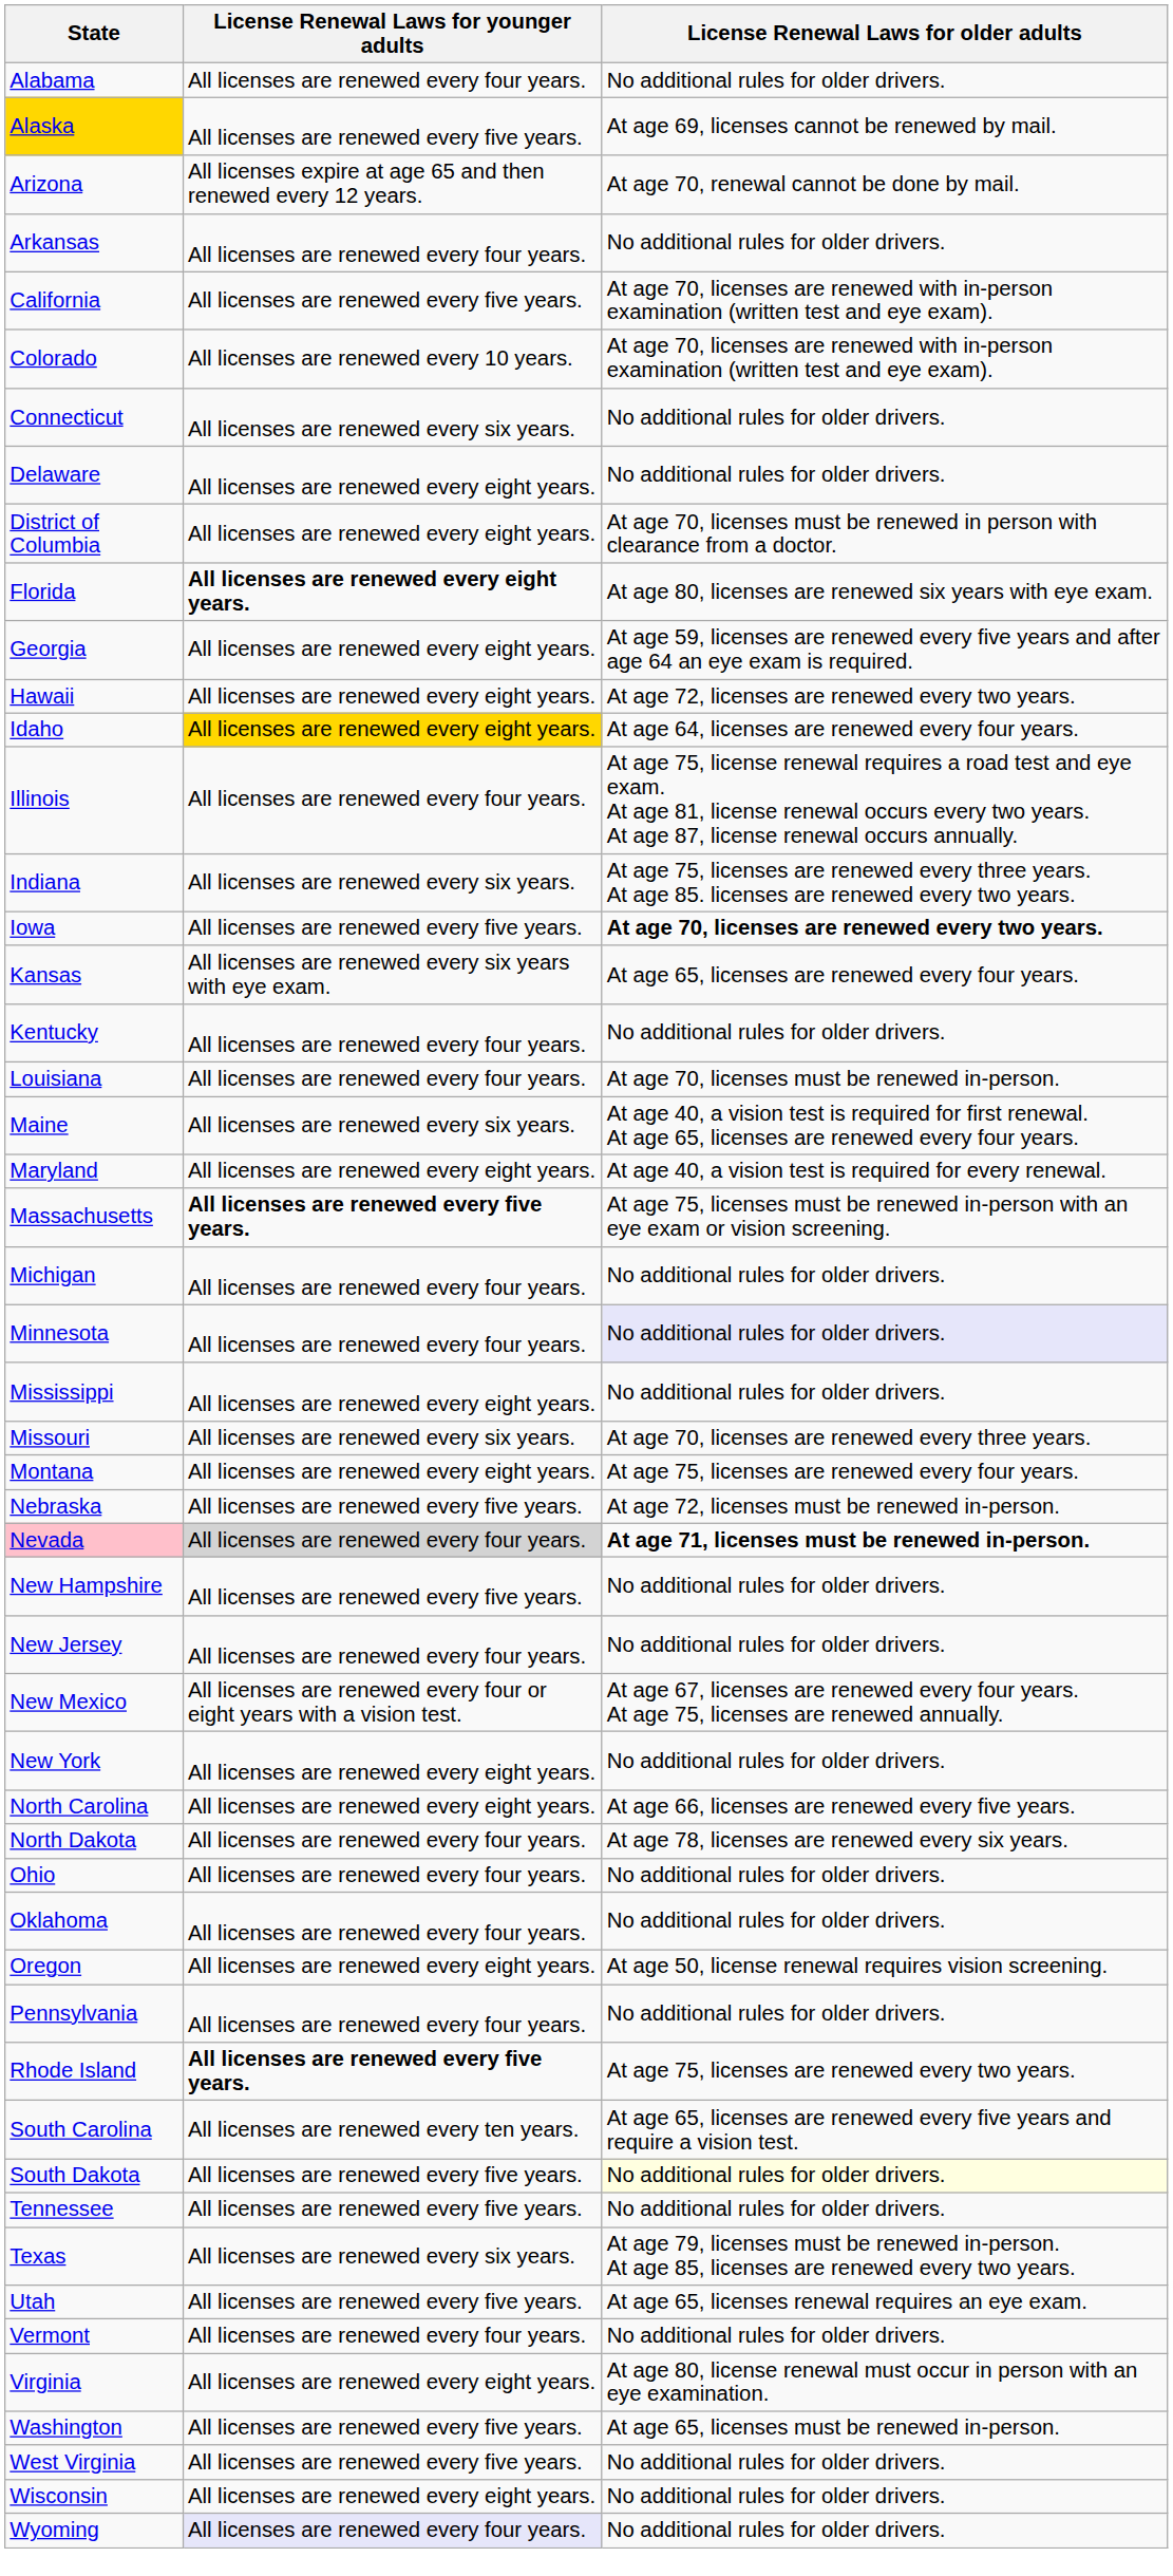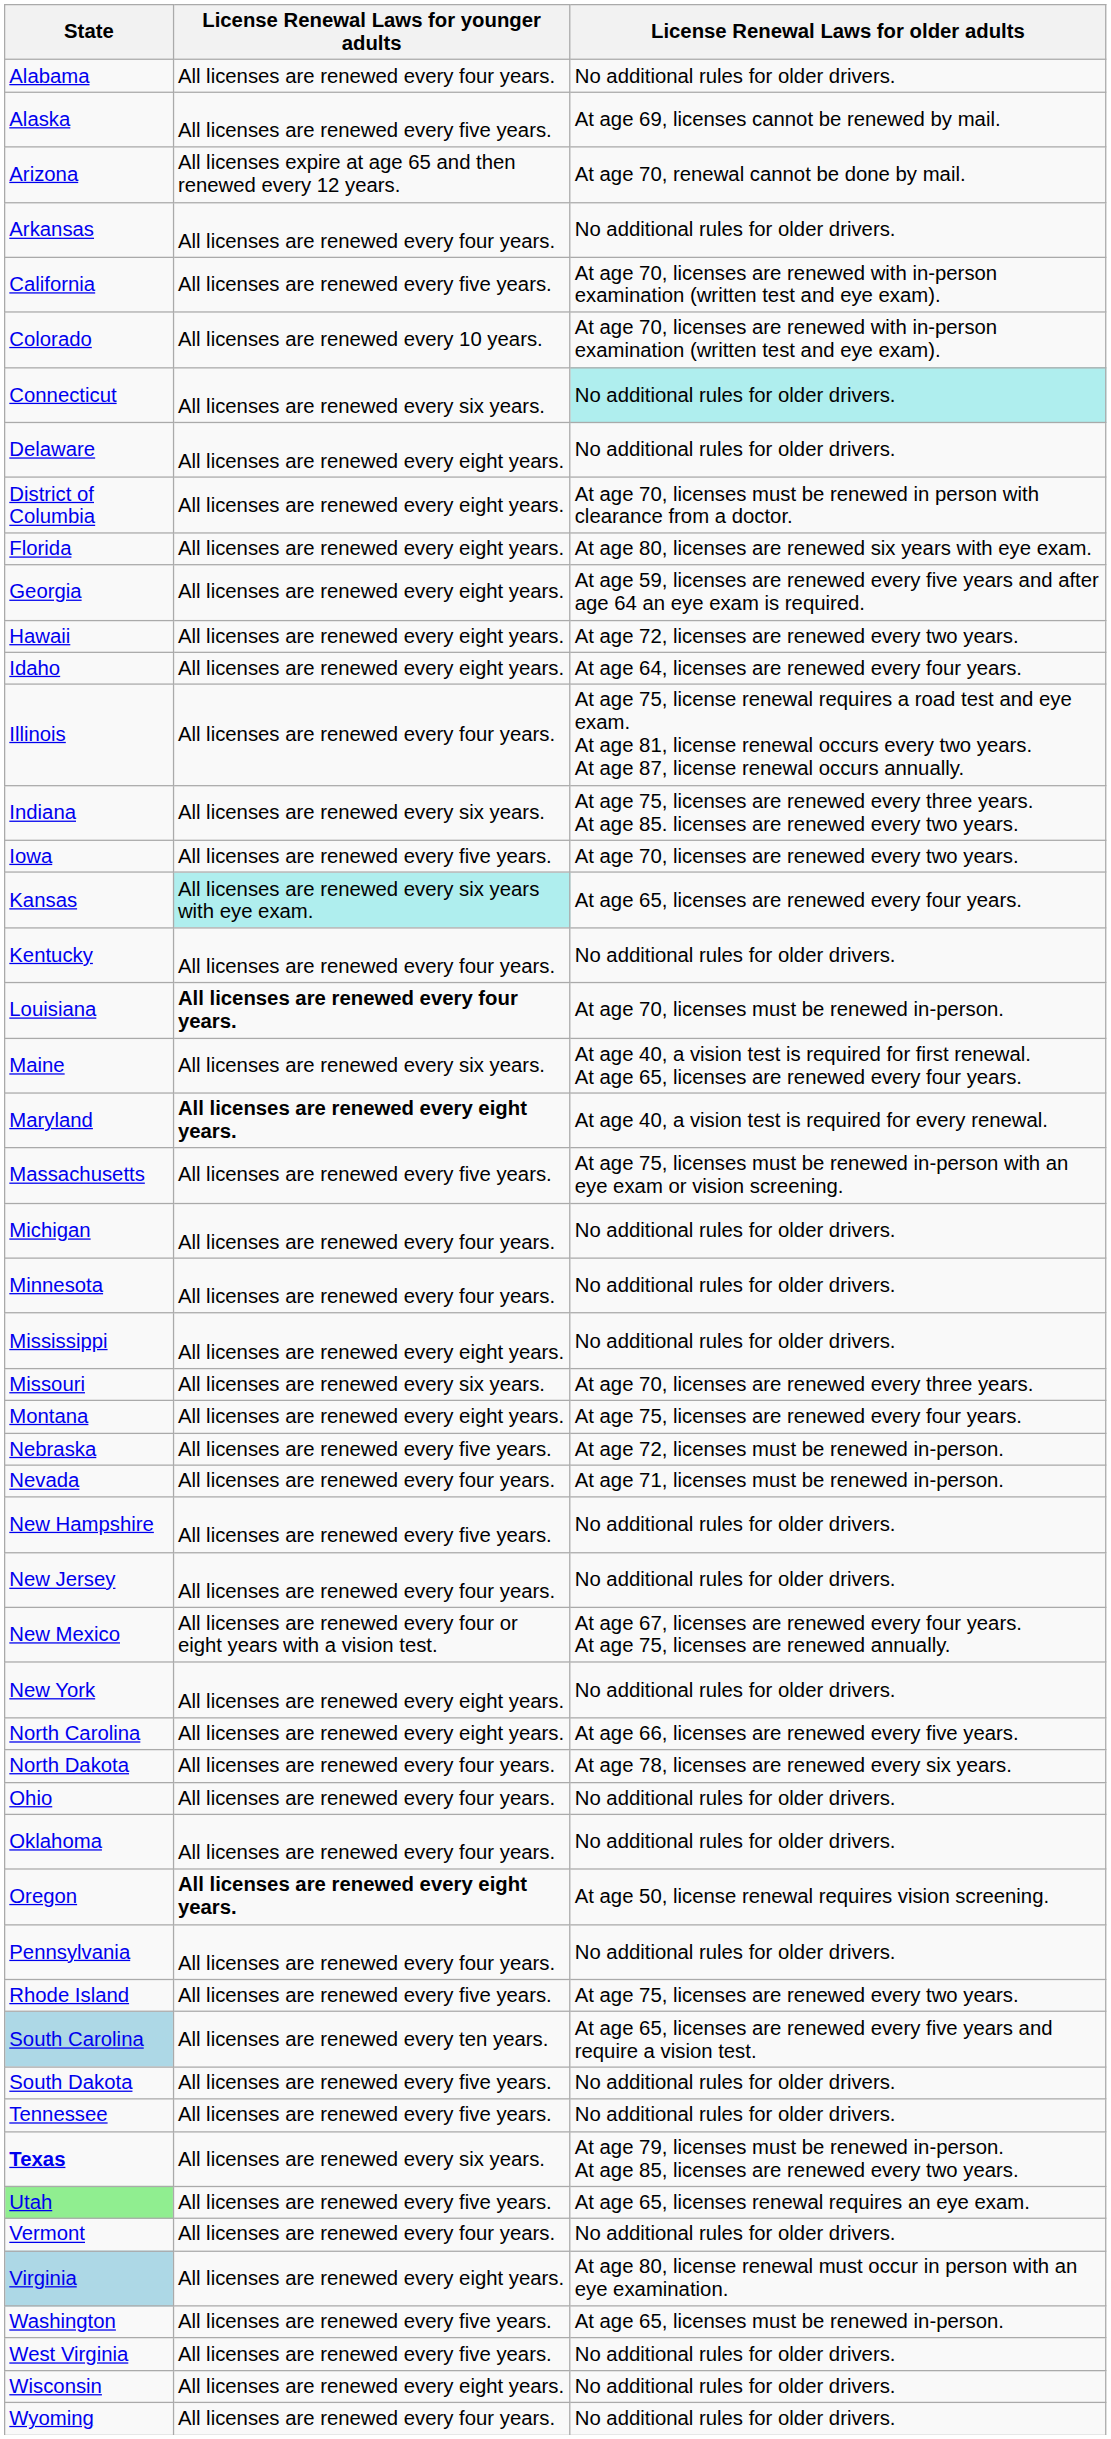 <table class="wikitable mw-collapsible">
 <tr>
 <th>State</th>
 <th>License Renewal Laws for younger adults</th>
 <th>License Renewal Laws for older adults</th>
 </tr>
 <tr>
 <td><a href='#'>Alabama</a></td>
 <td>All licenses are renewed every four years.</td>
 <td>No additional rules for older drivers.</td>
 </tr>
 <tr>
-<td style="background: gold;"><a href='#'>Alaska</a></td>
+<td><a href='#'>Alaska</a></td>
 <td><br>All licenses are renewed every five years.</td>
 <td>At age 69, licenses cannot be renewed by mail.</td>
 </tr>
 <tr>
 <td><a href='#'>Arizona</a></td>
 <td>All licenses expire at age 65 and then renewed every 12 years.</td>
 <td>At age 70, renewal cannot be done by mail.</td>
 </tr>
 <tr>
 <td><a href='#'>Arkansas</a></td>
 <td><br>All licenses are renewed every four years.</td>
 <td>No additional rules for older drivers.</td>
 </tr>
 <tr>
 <td><a href='#'>California</a></td>
 <td>All licenses are renewed every five years.</td>
 <td>At age 70, licenses are renewed with in-person examination (written test and eye exam).</td>
 </tr>
 <tr>
 <td><a href='#'>Colorado</a></td>
 <td>All licenses are renewed every 10 years.</td>
 <td>At age 70, licenses are renewed with in-person examination (written test and eye exam).</td>
 </tr>
 <tr>
 <td><a href='#'>Connecticut</a></td>
 <td><br>All licenses are renewed every six years.</td>
-<td>No additional rules for older drivers.</td>
+<td style="background: paleturquoise;">No additional rules for older drivers.</td>
 </tr>
 <tr>
 <td><a href='#'>Delaware</a></td>
 <td><br>All licenses are renewed every eight years.</td>
 <td>No additional rules for older drivers.</td>
 </tr>
 <tr>
 <td><a href='#'>District of Columbia</a></td>
 <td>All licenses are renewed every eight years.</td>
 <td>At age 70, licenses must be renewed in person with clearance from a doctor.</td>
 </tr>
 <tr>
 <td><a href='#'>Florida</a></td>
-<td><strong>All licenses are renewed every eight years.</strong></td>
+<td>All licenses are renewed every eight years.</td>
 <td>At age 80, licenses are renewed six years with eye exam.</td>
 </tr>
 <tr>
 <td><a href='#'>Georgia</a></td>
 <td>All licenses are renewed every eight years.</td>
 <td>At age 59, licenses are renewed every five years and after age 64 an eye exam is required.</td>
 </tr>
 <tr>
 <td><a href='#'>Hawaii</a></td>
 <td>All licenses are renewed every eight years.</td>
 <td>At age 72, licenses are renewed every two years.</td>
 </tr>
 <tr>
 <td><a href='#'>Idaho</a></td>
-<td style="background: gold;">All licenses are renewed every eight years.</td>
+<td>All licenses are renewed every eight years.</td>
 <td>At age 64, licenses are renewed every four years.</td>
 </tr>
 <tr>
 <td><a href='#'>Illinois</a></td>
 <td>All licenses are renewed every four years.</td>
 <td>At age 75, license renewal requires a road test and eye exam.<br>At age 81, license renewal occurs every two years.<br>At age 87, license renewal occurs annually.</td>
 </tr>
 <tr>
 <td><a href='#'>Indiana</a></td>
 <td>All licenses are renewed every six years.</td>
 <td>At age 75, licenses are renewed every three years.<br>At age 85. licenses are renewed every two years.</td>
 </tr>
 <tr>
 <td><a href='#'>Iowa</a></td>
 <td>All licenses are renewed every five years.</td>
-<td><strong>At age 70, licenses are renewed every two years.</strong></td>
+<td>At age 70, licenses are renewed every two years.</td>
 </tr>
 <tr>
 <td><a href='#'>Kansas</a></td>
-<td>All licenses are renewed every six years with eye exam.</td>
+<td style="background: paleturquoise;">All licenses are renewed every six years with eye exam.</td>
 <td>At age 65, licenses are renewed every four years.</td>
 </tr>
 <tr>
 <td><a href='#'>Kentucky</a></td>
 <td><br>All licenses are renewed every four years.</td>
 <td>No additional rules for older drivers.</td>
 </tr>
 <tr>
 <td><a href='#'>Louisiana</a></td>
-<td>All licenses are renewed every four years.</td>
+<td><strong>All licenses are renewed every four years.</strong></td>
 <td>At age 70, licenses must be renewed in-person.</td>
 </tr>
 <tr>
 <td><a href='#'>Maine</a></td>
 <td>All licenses are renewed every six years.</td>
 <td>At age 40, a vision test is required for first renewal.<br>At age 65, licenses are renewed every four years.</td>
 </tr>
 <tr>
 <td><a href='#'>Maryland</a></td>
-<td>All licenses are renewed every eight years.</td>
+<td><strong>All licenses are renewed every eight years.</strong></td>
 <td>At age 40, a vision test is required for every renewal.</td>
 </tr>
 <tr>
 <td><a href='#'>Massachusetts</a></td>
-<td><strong>All licenses are renewed every five years.</strong></td>
+<td>All licenses are renewed every five years.</td>
 <td>At age 75, licenses must be renewed in-person with an eye exam or vision screening.</td>
 </tr>
 <tr>
 <td><a href='#'>Michigan</a></td>
 <td><br>All licenses are renewed every four years.</td>
 <td>No additional rules for older drivers.</td>
 </tr>
 <tr>
 <td><a href='#'>Minnesota</a></td>
 <td><br>All licenses are renewed every four years.</td>
-<td style="background: lavender;">No additional rules for older drivers.</td>
+<td>No additional rules for older drivers.</td>
 </tr>
 <tr>
 <td><a href='#'>Mississippi</a></td>
 <td><br>All licenses are renewed every eight years.</td>
 <td>No additional rules for older drivers.</td>
 </tr>
 <tr>
 <td><a href='#'>Missouri</a></td>
 <td>All licenses are renewed every six years.</td>
 <td>At age 70, licenses are renewed every three years.</td>
 </tr>
 <tr>
 <td><a href='#'>Montana</a></td>
 <td>All licenses are renewed every eight years.</td>
 <td>At age 75, licenses are renewed every four years.</td>
 </tr>
 <tr>
 <td><a href='#'>Nebraska</a></td>
 <td>All licenses are renewed every five years.</td>
 <td>At age 72, licenses must be renewed in-person.</td>
 </tr>
 <tr>
-<td style="background: pink;"><a href='#'>Nevada</a></td>
-<td style="background: lightgrey;">All licenses are renewed every four years.</td>
-<td><strong>At age 71, licenses must be renewed in-person.</strong></td>
+<td><a href='#'>Nevada</a></td>
+<td>All licenses are renewed every four years.</td>
+<td>At age 71, licenses must be renewed in-person.</td>
 </tr>
 <tr>
 <td><a href='#'>New Hampshire</a></td>
 <td><br>All licenses are renewed every five years.</td>
 <td>No additional rules for older drivers.</td>
 </tr>
 <tr>
 <td><a href='#'>New Jersey</a></td>
 <td><br>All licenses are renewed every four years.</td>
 <td>No additional rules for older drivers.</td>
 </tr>
 <tr>
 <td><a href='#'>New Mexico</a></td>
 <td>All licenses are renewed every four or eight years with a vision test.</td>
 <td>At age 67, licenses are renewed every four years.<br>At age 75, licenses are renewed annually.</td>
 </tr>
 <tr>
 <td><a href='#'>New York</a></td>
 <td><br>All licenses are renewed every eight years.</td>
 <td>No additional rules for older drivers.</td>
 </tr>
 <tr>
 <td><a href='#'>North Carolina</a></td>
 <td>All licenses are renewed every eight years.</td>
 <td>At age 66, licenses are renewed every five years.</td>
 </tr>
 <tr>
 <td><a href='#'>North Dakota</a></td>
 <td>All licenses are renewed every four years.</td>
 <td>At age 78, licenses are renewed every six years.</td>
 </tr>
 <tr>
 <td><a href='#'>Ohio</a></td>
 <td>All licenses are renewed every four years.</td>
 <td>No additional rules for older drivers.</td>
 </tr>
 <tr>
 <td><a href='#'>Oklahoma</a></td>
 <td><br>All licenses are renewed every four years.</td>
 <td>No additional rules for older drivers.</td>
 </tr>
 <tr>
 <td><a href='#'>Oregon</a></td>
-<td>All licenses are renewed every eight years.</td>
+<td><strong>All licenses are renewed every eight years.</strong></td>
 <td>At age 50, license renewal requires vision screening.</td>
 </tr>
 <tr>
 <td><a href='#'>Pennsylvania</a></td>
 <td><br>All licenses are renewed every four years.</td>
 <td>No additional rules for older drivers.</td>
 </tr>
 <tr>
 <td><a href='#'>Rhode Island</a></td>
-<td><strong>All licenses are renewed every five years.</strong></td>
+<td>All licenses are renewed every five years.</td>
 <td>At age 75, licenses are renewed every two years.</td>
 </tr>
 <tr>
-<td><a href='#'>South Carolina</a></td>
+<td style="background: lightblue;"><a href='#'>South Carolina</a></td>
 <td>All licenses are renewed every ten years.</td>
 <td>At age 65, licenses are renewed every five years and require a vision test.</td>
 </tr>
 <tr>
 <td><a href='#'>South Dakota</a></td>
 <td>All licenses are renewed every five years.</td>
-<td style="background: lightyellow;">No additional rules for older drivers.</td>
+<td>No additional rules for older drivers.</td>
 </tr>
 <tr>
 <td><a href='#'>Tennessee</a></td>
 <td>All licenses are renewed every five years.</td>
 <td>No additional rules for older drivers.</td>
 </tr>
 <tr>
-<td><a href='#'>Texas</a></td>
+<td><strong><a href='#'>Texas</a></strong></td>
 <td>All licenses are renewed every six years.</td>
 <td>At age 79, licenses must be renewed in-person.<br>At age 85, licenses are renewed every two years.</td>
 </tr>
 <tr>
-<td><a href='#'>Utah</a></td>
+<td style="background: lightgreen;"><a href='#'>Utah</a></td>
 <td>All licenses are renewed every five years.</td>
 <td>At age 65, licenses renewal requires an eye exam.</td>
 </tr>
 <tr>
 <td><a href='#'>Vermont</a></td>
 <td>All licenses are renewed every four years.</td>
 <td>No additional rules for older drivers.</td>
 </tr>
 <tr>
-<td><a href='#'>Virginia</a></td>
+<td style="background: lightblue;"><a href='#'>Virginia</a></td>
 <td>All licenses are renewed every eight years.</td>
 <td>At age 80, license renewal must occur in person with an eye examination.</td>
 </tr>
 <tr>
 <td><a href='#'>Washington</a></td>
 <td>All licenses are renewed every five years.</td>
 <td>At age 65, licenses must be renewed in-person.</td>
 </tr>
 <tr>
 <td><a href='#'>West Virginia</a></td>
 <td>All licenses are renewed every five years.</td>
 <td>No additional rules for older drivers.</td>
 </tr>
 <tr>
 <td><a href='#'>Wisconsin</a></td>
 <td>All licenses are renewed every eight years.</td>
 <td>No additional rules for older drivers.</td>
 </tr>
 <tr>
 <td><a href='#'>Wyoming</a></td>
-<td style="background: lavender;">All licenses are renewed every four years.</td>
+<td>All licenses are renewed every four years.</td>
 <td>No additional rules for older drivers.</td>
 </tr>
 </table>
